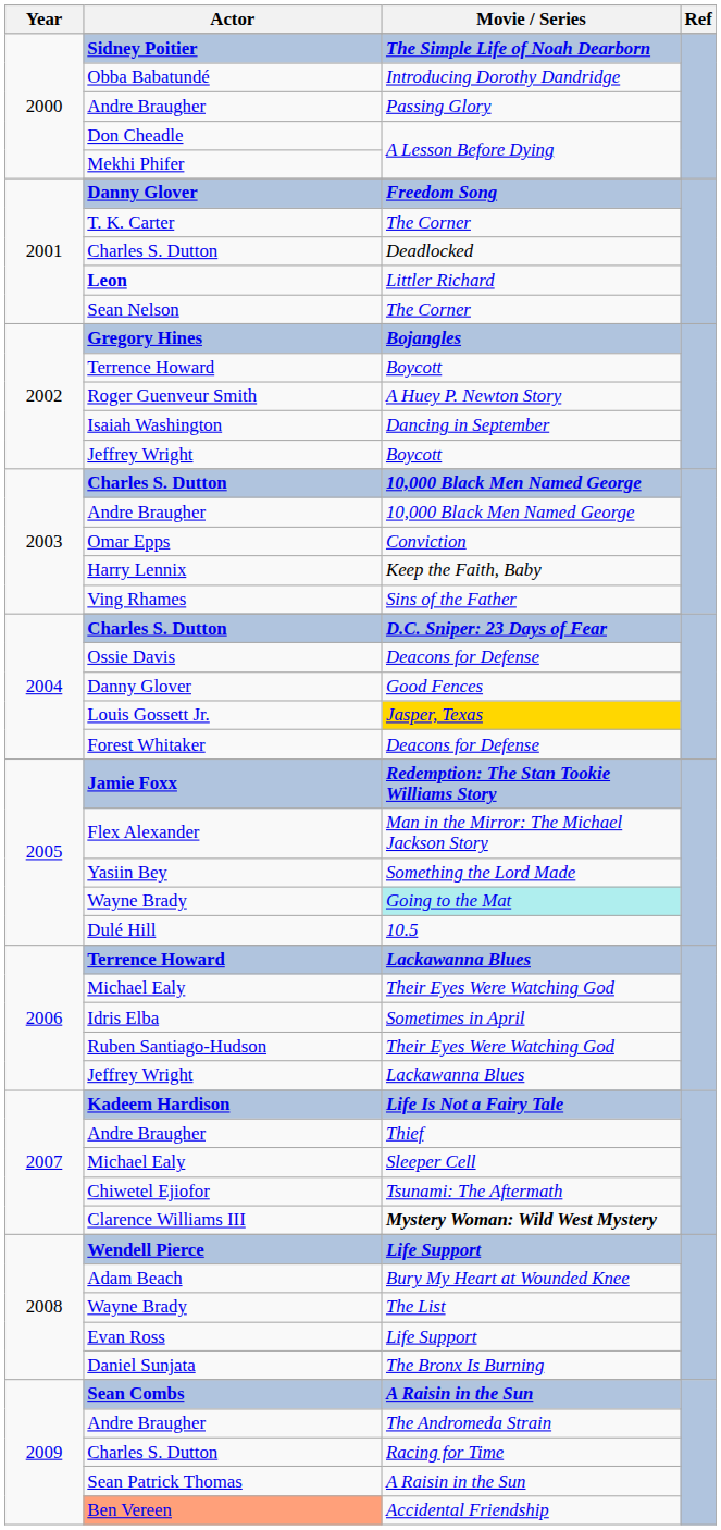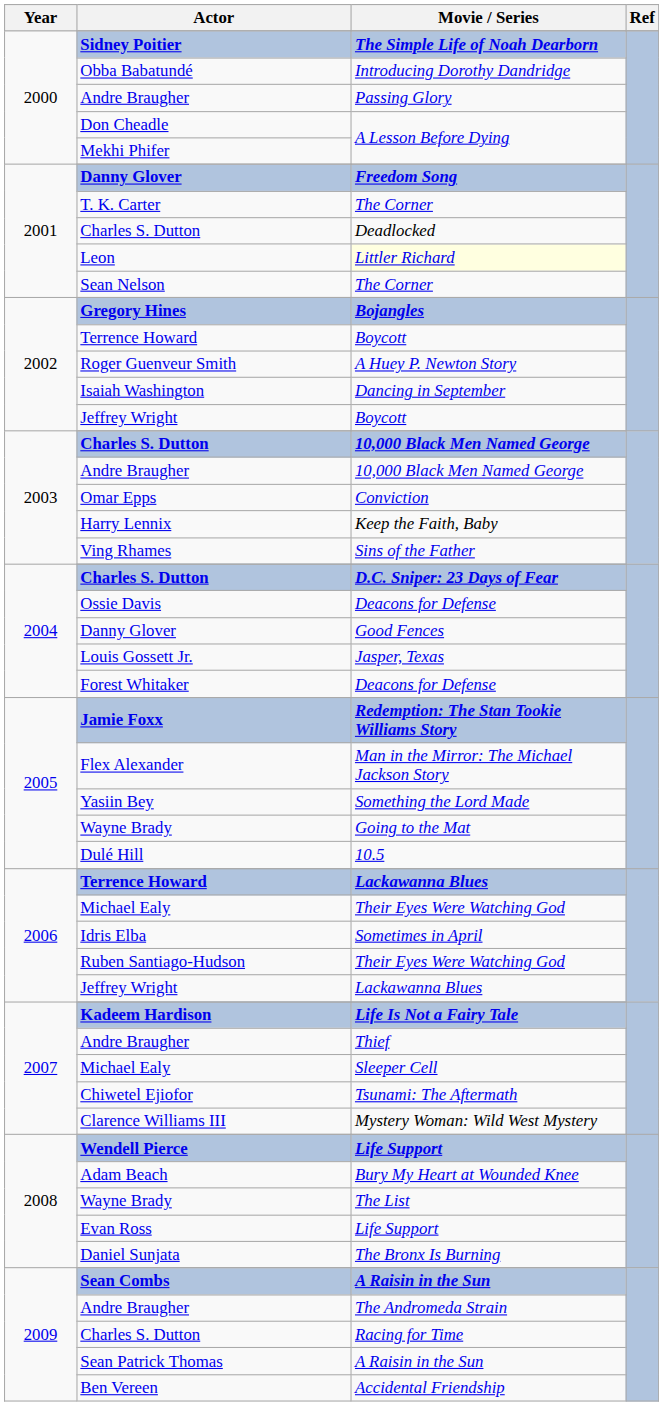 <table class="wikitable" style="width:100%;">
 <tr style="background:#bebebe;">
 <th style="width:11%;">Year</th>
 <th style="width:42%;">Actor</th>
 <th style="width:42%;">Movie / Series</th>
 <th style="width:5%;">Ref</th>
 </tr>
 <tr>
 <td rowspan="6" align="center">2000</td>
 </tr>
 <tr style="background:#B0C4DE">
 <td><strong><a href='#'>Sidney Poitier</a></strong></td>
 <td><strong><em><a href='#'>The Simple Life of Noah Dearborn</a></em></strong></td>
 <td rowspan="6" align="center"></td>
 </tr>
 <tr>
 <td><a href='#'>Obba Babatundé</a></td>
 <td><em><a href='#'>Introducing Dorothy Dandridge</a></em></td>
 </tr>
 <tr>
 <td><a href='#'>Andre Braugher</a></td>
 <td><em><a href='#'>Passing Glory</a></em></td>
 </tr>
 <tr>
 <td><a href='#'>Don Cheadle</a></td>
 <td rowspan="2"><em><a href='#'>A Lesson Before Dying</a></em></td>
 </tr>
 <tr>
 <td><a href='#'>Mekhi Phifer</a></td>
 </tr>
 <tr>
 <td rowspan="6" align="center">2001</td>
 </tr>
 <tr style="background:#B0C4DE">
 <td><strong><a href='#'>Danny Glover</a></strong></td>
 <td><strong><em><a href='#'>Freedom Song</a></em></strong></td>
 <td rowspan="6" align="center"></td>
 </tr>
 <tr>
 <td><a href='#'>T. K. Carter</a></td>
 <td><em><a href='#'>The Corner</a></em></td>
 </tr>
 <tr>
 <td><a href='#'>Charles S. Dutton</a></td>
 <td><em>Deadlocked</em></td>
 </tr>
 <tr>
-<td><strong><a href='#'>Leon</a></strong></td>
-<td><em><a href='#'>Littler Richard</a></em></td>
+<td><a href='#'>Leon</a></td>
+<td style="background: lightyellow;"><em><a href='#'>Littler Richard</a></em></td>
 </tr>
 <tr>
 <td><a href='#'>Sean Nelson</a></td>
 <td><em><a href='#'>The Corner</a></em></td>
 </tr>
 <tr>
 <td rowspan="6" align="center">2002</td>
 </tr>
 <tr style="background:#B0C4DE">
 <td><strong><a href='#'>Gregory Hines</a></strong></td>
 <td><strong><em><a href='#'>Bojangles</a></em></strong></td>
 <td rowspan="6" align="center"></td>
 </tr>
 <tr>
 <td><a href='#'>Terrence Howard</a></td>
 <td><em><a href='#'>Boycott</a></em></td>
 </tr>
 <tr>
 <td><a href='#'>Roger Guenveur Smith</a></td>
 <td><em><a href='#'>A Huey P. Newton Story</a></em></td>
 </tr>
 <tr>
 <td><a href='#'>Isaiah Washington</a></td>
 <td><em><a href='#'>Dancing in September</a></em></td>
 </tr>
 <tr>
 <td><a href='#'>Jeffrey Wright</a></td>
 <td><em><a href='#'>Boycott</a></em></td>
 </tr>
 <tr>
 <td rowspan="6" align="center">2003</td>
 </tr>
 <tr style="background:#B0C4DE">
 <td><strong><a href='#'>Charles S. Dutton</a></strong></td>
 <td><strong><em><a href='#'>10,000 Black Men Named George</a></em></strong></td>
 <td rowspan="6" align="center"></td>
 </tr>
 <tr>
 <td><a href='#'>Andre Braugher</a></td>
 <td><em><a href='#'>10,000 Black Men Named George</a></em></td>
 </tr>
 <tr>
 <td><a href='#'>Omar Epps</a></td>
 <td><em><a href='#'>Conviction</a></em></td>
 </tr>
 <tr>
 <td><a href='#'>Harry Lennix</a></td>
 <td><em>Keep the Faith, Baby</em></td>
 </tr>
 <tr>
 <td><a href='#'>Ving Rhames</a></td>
 <td><em><a href='#'>Sins of the Father</a></em></td>
 </tr>
 <tr>
 <td rowspan="6" align="center"><a href='#'>2004</a></td>
 </tr>
 <tr style="background:#B0C4DE">
 <td><strong><a href='#'>Charles S. Dutton</a></strong></td>
 <td><strong><em><a href='#'>D.C. Sniper: 23 Days of Fear</a></em></strong></td>
 <td rowspan="6" align="center"></td>
 </tr>
 <tr>
 <td><a href='#'>Ossie Davis</a></td>
 <td><em><a href='#'>Deacons for Defense</a></em></td>
 </tr>
 <tr>
 <td><a href='#'>Danny Glover</a></td>
 <td><em><a href='#'>Good Fences</a></em></td>
 </tr>
 <tr>
 <td><a href='#'>Louis Gossett Jr.</a></td>
-<td style="background: gold;"><em><a href='#'>Jasper, Texas</a></em></td>
+<td><em><a href='#'>Jasper, Texas</a></em></td>
 </tr>
 <tr>
 <td><a href='#'>Forest Whitaker</a></td>
 <td><em><a href='#'>Deacons for Defense</a></em></td>
 </tr>
 <tr>
 <td rowspan="6" align="center"><a href='#'>2005</a></td>
 </tr>
 <tr style="background:#B0C4DE">
 <td><strong><a href='#'>Jamie Foxx</a></strong></td>
 <td><strong><em><a href='#'>Redemption: The Stan Tookie Williams Story</a></em></strong></td>
 <td rowspan="6" align="center"></td>
 </tr>
 <tr>
 <td><a href='#'>Flex Alexander</a></td>
 <td><em><a href='#'>Man in the Mirror: The Michael Jackson Story</a></em></td>
 </tr>
 <tr>
 <td><a href='#'>Yasiin Bey</a></td>
 <td><em><a href='#'>Something the Lord Made</a></em></td>
 </tr>
 <tr>
 <td><a href='#'>Wayne Brady</a></td>
-<td style="background: paleturquoise;"><em><a href='#'>Going to the Mat</a></em></td>
+<td><em><a href='#'>Going to the Mat</a></em></td>
 </tr>
 <tr>
 <td><a href='#'>Dulé Hill</a></td>
 <td><em><a href='#'>10.5</a></em></td>
 </tr>
 <tr>
 <td rowspan="6" align="center"><a href='#'>2006</a></td>
 </tr>
 <tr style="background:#B0C4DE">
 <td><strong><a href='#'>Terrence Howard</a></strong></td>
 <td><strong><em><a href='#'>Lackawanna Blues</a></em></strong></td>
 <td rowspan="6" align="center"></td>
 </tr>
 <tr>
 <td><a href='#'>Michael Ealy</a></td>
 <td><em><a href='#'>Their Eyes Were Watching God</a></em></td>
 </tr>
 <tr>
 <td><a href='#'>Idris Elba</a></td>
 <td><em><a href='#'>Sometimes in April</a></em></td>
 </tr>
 <tr>
 <td><a href='#'>Ruben Santiago-Hudson</a></td>
 <td><em><a href='#'>Their Eyes Were Watching God</a></em></td>
 </tr>
 <tr>
 <td><a href='#'>Jeffrey Wright</a></td>
 <td><em><a href='#'>Lackawanna Blues</a></em></td>
 </tr>
 <tr>
 <td rowspan="6" align="center"><a href='#'>2007</a></td>
 </tr>
 <tr style="background:#B0C4DE">
 <td><strong><a href='#'>Kadeem Hardison</a></strong></td>
 <td><strong><em><a href='#'>Life Is Not a Fairy Tale</a></em></strong></td>
 <td rowspan="6" align="center"></td>
 </tr>
 <tr>
 <td><a href='#'>Andre Braugher</a></td>
 <td><em><a href='#'>Thief</a></em></td>
 </tr>
 <tr>
 <td><a href='#'>Michael Ealy</a></td>
 <td><em><a href='#'>Sleeper Cell</a></em></td>
 </tr>
 <tr>
 <td><a href='#'>Chiwetel Ejiofor</a></td>
 <td><em><a href='#'>Tsunami: The Aftermath</a></em></td>
 </tr>
 <tr>
 <td><a href='#'>Clarence Williams III</a></td>
-<td><strong><em>Mystery Woman: Wild West Mystery</em></strong></td>
+<td><em>Mystery Woman: Wild West Mystery</em></td>
 </tr>
 <tr>
 <td rowspan="6" align="center">2008</td>
 </tr>
 <tr style="background:#B0C4DE">
 <td><strong><a href='#'>Wendell Pierce</a></strong></td>
 <td><strong><em><a href='#'>Life Support</a></em></strong></td>
 <td rowspan="6" align="center"></td>
 </tr>
 <tr>
 <td><a href='#'>Adam Beach</a></td>
 <td><em><a href='#'>Bury My Heart at Wounded Knee</a></em></td>
 </tr>
 <tr>
 <td><a href='#'>Wayne Brady</a></td>
 <td><em><a href='#'>The List</a></em></td>
 </tr>
 <tr>
 <td><a href='#'>Evan Ross</a></td>
 <td><em><a href='#'>Life Support</a></em></td>
 </tr>
 <tr>
 <td><a href='#'>Daniel Sunjata</a></td>
 <td><em><a href='#'>The Bronx Is Burning</a></em></td>
 </tr>
 <tr>
 <td rowspan="6" align="center"><a href='#'>2009</a></td>
 </tr>
 <tr style="background:#B0C4DE">
 <td><strong><a href='#'>Sean Combs</a></strong></td>
 <td><strong><em><a href='#'>A Raisin in the Sun</a></em></strong></td>
 <td rowspan="6" align="center"></td>
 </tr>
 <tr>
 <td><a href='#'>Andre Braugher</a></td>
 <td><em><a href='#'>The Andromeda Strain</a></em></td>
 </tr>
 <tr>
 <td><a href='#'>Charles S. Dutton</a></td>
 <td><em><a href='#'>Racing for Time</a></em></td>
 </tr>
 <tr>
 <td><a href='#'>Sean Patrick Thomas</a></td>
 <td><em><a href='#'>A Raisin in the Sun</a></em></td>
 </tr>
 <tr>
-<td style="background: lightsalmon;"><a href='#'>Ben Vereen</a></td>
+<td><a href='#'>Ben Vereen</a></td>
 <td><em><a href='#'>Accidental Friendship</a></em></td>
 </tr>
 </table>
